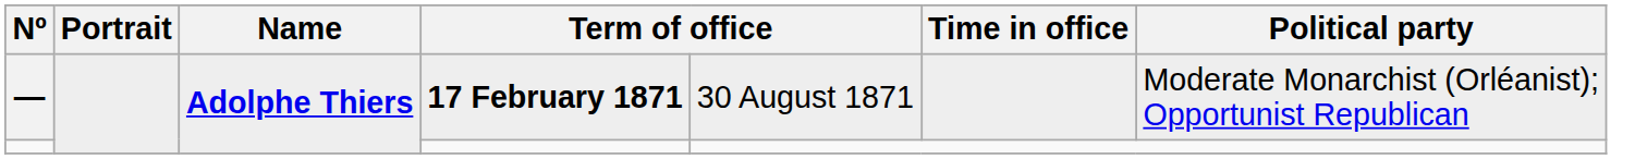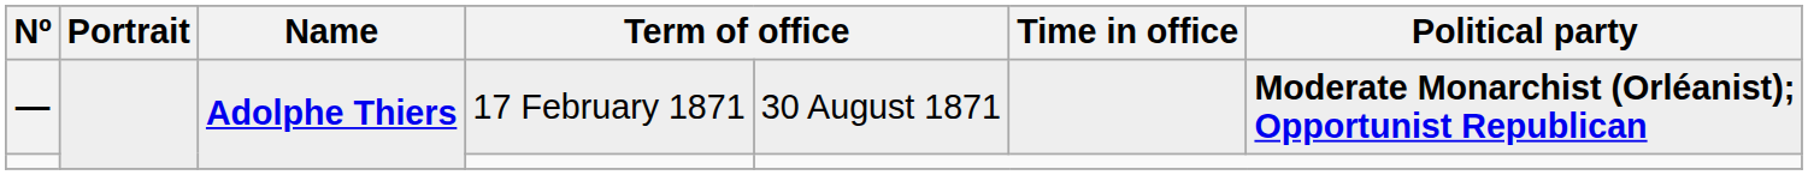 <table class="wikitable">
 <tr>
 <th>Nº</th>
 <th>Portrait</th>
 <th>Name<br></th>
 <th colspan=2>Term of office</th>
 <th>Time in office</th>
 <th>Political party</th>
 </tr>
 <tr bgcolor=#EEEEEE>
 <th style="background:">—</th>
 <td rowspan=2></td>
 <td rowspan=2 align=center><strong><a href='#'>Adolphe Thiers</a></strong><br></td>
-<td><strong>17 February 1871</strong></td>
+<td>17 February 1871</td>
 <td>30 August 1871</td>
 <td></td>
-<td>Moderate Monarchist (Orléanist);<br><a href='#'>Opportunist Republican</a></td>
+<td><strong>Moderate Monarchist (Orléanist);<br><a href='#'>Opportunist Republican</a></strong></td>
 </tr>
 <tr>
 <td colspan=4></td>
 </tr>
 </table>
